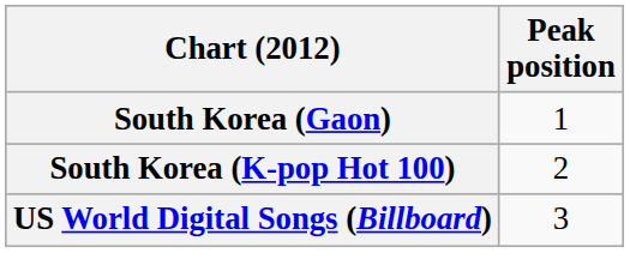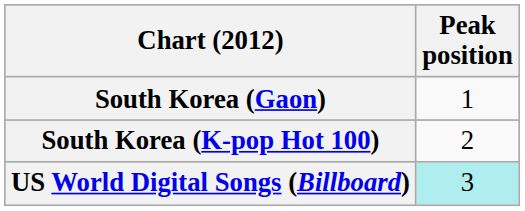 <table class="wikitable plainrowheaders" style="text-align:center">
 <tr>
 <th>Chart (2012)</th>
 <th>Peak<br>position</th>
 </tr>
 <tr>
 <th scope="row">South Korea (<a href='#'>Gaon</a>)</th>
 <td>1</td>
 </tr>
 <tr>
 <th scope="row">South Korea (<a href='#'>K-pop Hot 100</a>)</th>
 <td>2</td>
 </tr>
 <tr>
 <th scope="row">US <a href='#'>World Digital Songs</a> (<em><a href='#'>Billboard</a></em>)</th>
-<td>3</td>
+<td style="background: paleturquoise;">3</td>
 </tr>
 </table>
